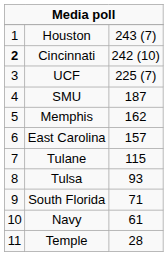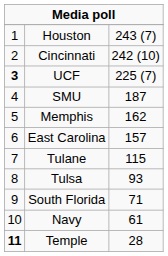 <table class="wikitable">
 <tr align="center">
 <td align="center" Colspan="3"><strong>Media poll</strong></td>
 </tr>
 <tr align="center">
 </tr>
 <tr align="center">
 <td>1</td>
 <td>Houston</td>
 <td>243 (7)</td>
 </tr>
 <tr align="center">
-<td><strong>2</strong></td>
+<td>2</td>
 <td>Cincinnati</td>
 <td>242 (10)</td>
 </tr>
 <tr align="center">
-<td>3</td>
+<td><strong>3</strong></td>
 <td>UCF</td>
 <td>225 (7)</td>
 </tr>
 <tr align="center">
 <td>4</td>
 <td>SMU</td>
 <td>187</td>
 </tr>
 <tr align="center">
 <td>5</td>
 <td>Memphis</td>
 <td>162</td>
 </tr>
 <tr align="center">
 <td>6</td>
 <td>East Carolina</td>
 <td>157</td>
 </tr>
 <tr align="center">
 <td>7</td>
 <td>Tulane</td>
 <td>115</td>
 </tr>
 <tr align="center">
 <td>8</td>
 <td>Tulsa</td>
 <td>93</td>
 </tr>
 <tr align="center">
 <td>9</td>
 <td>South Florida</td>
 <td>71</td>
 </tr>
 <tr align="center">
 <td>10</td>
 <td>Navy</td>
 <td>61</td>
 </tr>
 <tr align="center">
-<td>11</td>
+<td><strong>11</strong></td>
 <td>Temple</td>
 <td>28</td>
 </tr>
 </table>
